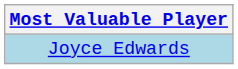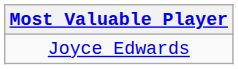 <table class=wikitable style="text-align:center; margin:auto">
 <tr>
 <th><a href='#'>Most Valuable Player</a></th>
 </tr>
 <tr>
-<td style="background: lightblue;"> <a href='#'>Joyce Edwards</a></td>
+<td> <a href='#'>Joyce Edwards</a></td>
 </tr>
 </table>
